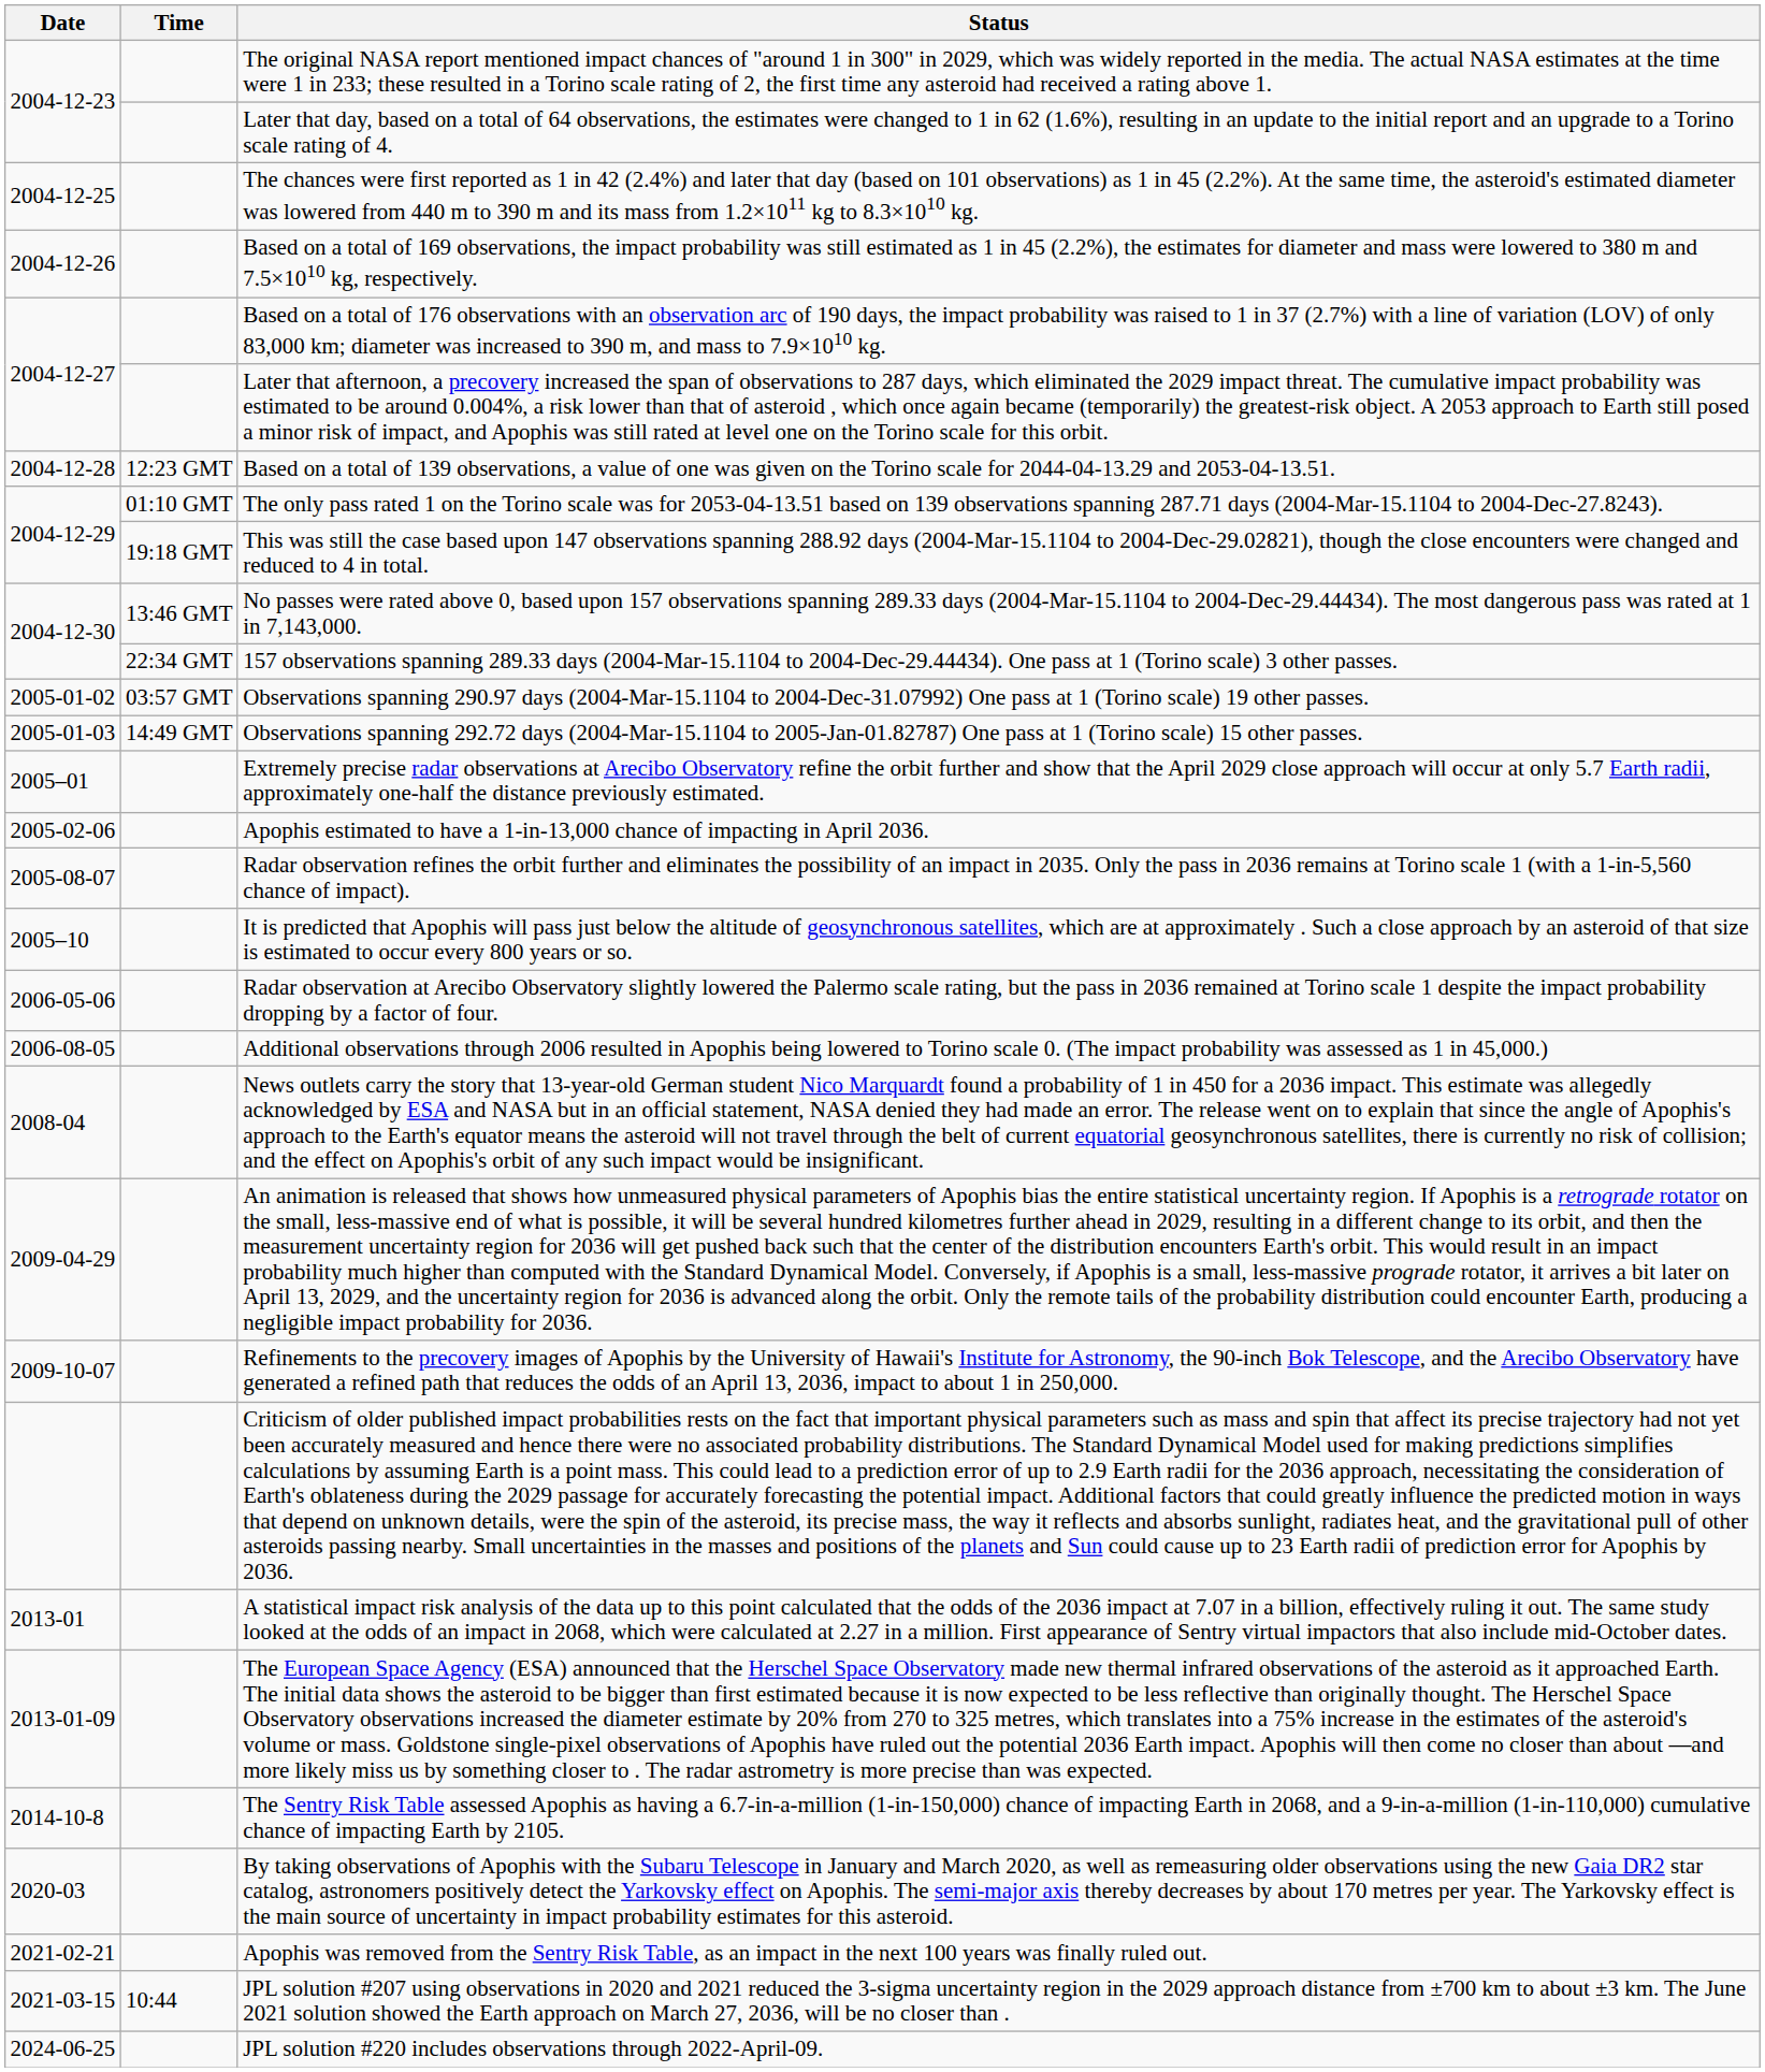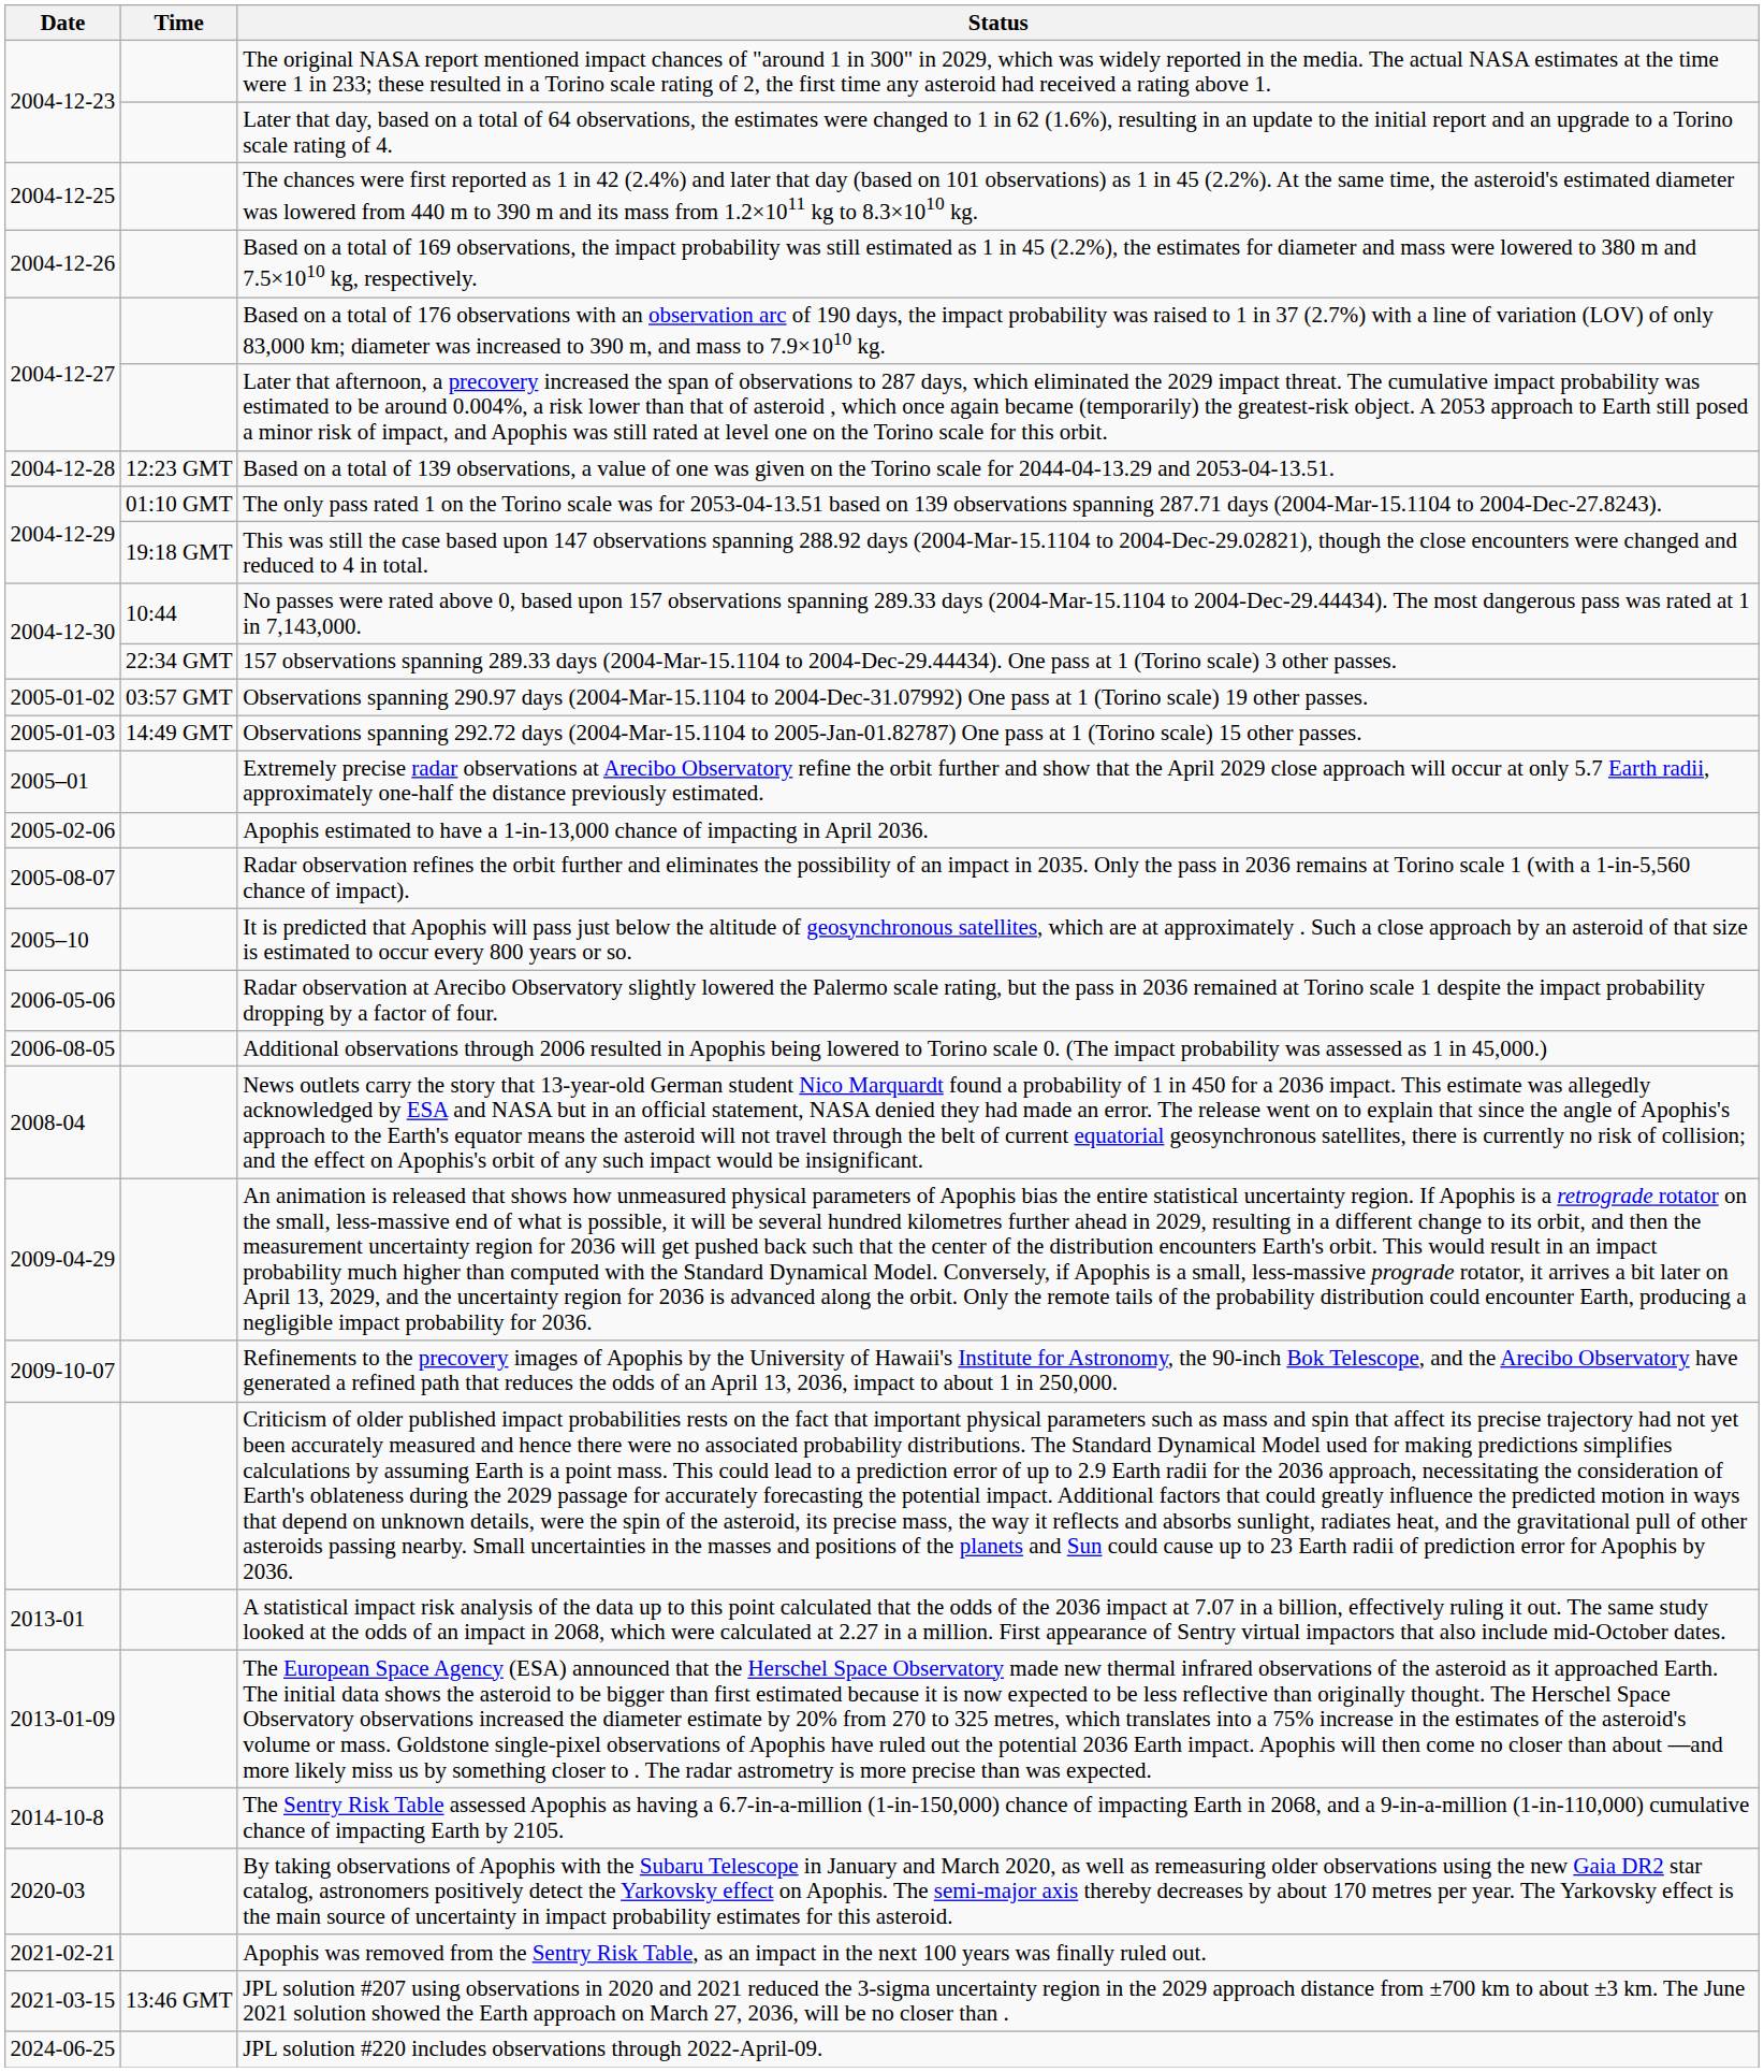 <table class="wikitable sortable mw-collapsible mw-collapsed">
 <tr>
 <th>Date</th>
 <th>Time</th>
 <th>Status</th>
 </tr>
 <tr>
 <td rowspan=2 style="white-space: nowrap;">2004-12-23</td>
 <td style="white-space: nowrap;"></td>
 <td>The original NASA report mentioned impact chances of "around 1 in 300" in 2029, which was widely reported in the media. The actual NASA estimates at the time were 1 in 233; these resulted in a Torino scale rating of 2, the first time any asteroid had received a rating above 1.</td>
 </tr>
 <tr>
 <td></td>
 <td>Later that day, based on a total of 64 observations, the estimates were changed to 1 in 62 (1.6%), resulting in an update to the initial report and an upgrade to a Torino scale rating of 4.</td>
 </tr>
 <tr>
 <td>2004-12-25</td>
 <td></td>
 <td>The chances were first reported as 1 in 42 (2.4%) and later that day (based on 101 observations) as 1 in 45 (2.2%). At the same time, the asteroid's estimated diameter was lowered from 440 m to 390 m and its mass from 1.2×10<sup>11</sup> kg to 8.3×10<sup>10</sup> kg.</td>
 </tr>
 <tr>
 <td>2004-12-26</td>
 <td></td>
 <td>Based on a total of 169 observations, the impact probability was still estimated as 1 in 45 (2.2%), the estimates for diameter and mass were lowered to 380 m and 7.5×10<sup>10</sup> kg, respectively.</td>
 </tr>
 <tr>
 <td rowspan=2>2004-12-27</td>
 <td></td>
 <td>Based on a total of 176 observations with an <a href='#'>observation arc</a> of 190 days, the impact probability was raised to 1 in 37 (2.7%) with a line of variation (LOV) of only 83,000 km; diameter was increased to 390 m, and mass to 7.9×10<sup>10</sup> kg.</td>
 </tr>
 <tr>
 <td></td>
 <td>Later that afternoon, a <a href='#'>precovery</a> increased the span of observations to 287 days, which eliminated the 2029 impact threat. The cumulative impact probability was estimated to be around 0.004%, a risk lower than that of asteroid , which once again became (temporarily) the greatest-risk object. A 2053 approach to Earth still posed a minor risk of impact, and Apophis was still rated at level one on the Torino scale for this orbit.</td>
 </tr>
 <tr>
 <td>2004-12-28</td>
 <td style="white-space: nowrap;">12:23 GMT</td>
 <td>Based on a total of 139 observations, a value of one was given on the Torino scale for 2044-04-13.29 and 2053-04-13.51.</td>
 </tr>
 <tr>
 <td rowspan=2>2004-12-29</td>
 <td>01:10 GMT</td>
 <td>The only pass rated 1 on the Torino scale was for 2053-04-13.51 based on 139 observations spanning 287.71 days (2004-Mar-15.1104 to 2004-Dec-27.8243).</td>
 </tr>
 <tr>
 <td>19:18 GMT</td>
 <td>This was still the case based upon 147 observations spanning 288.92 days (2004-Mar-15.1104 to 2004-Dec-29.02821), though the close encounters were changed and reduced to 4 in total.</td>
 </tr>
 <tr>
 <td rowspan=2>2004-12-30</td>
-<td>13:46 GMT</td>
+<td>10:44</td>
 <td>No passes were rated above 0, based upon 157 observations spanning 289.33 days (2004-Mar-15.1104 to 2004-Dec-29.44434). The most dangerous pass was rated at 1 in 7,143,000.</td>
 </tr>
 <tr>
 <td>22:34 GMT</td>
 <td>157 observations spanning 289.33 days (2004-Mar-15.1104 to 2004-Dec-29.44434). One pass at 1 (Torino scale) 3 other passes.</td>
 </tr>
 <tr>
 <td>2005-01-02</td>
 <td>03:57 GMT</td>
 <td>Observations spanning 290.97 days (2004-Mar-15.1104 to 2004-Dec-31.07992) One pass at 1 (Torino scale) 19 other passes.</td>
 </tr>
 <tr>
 <td>2005-01-03</td>
 <td>14:49 GMT</td>
 <td>Observations spanning 292.72 days (2004-Mar-15.1104 to 2005-Jan-01.82787) One pass at 1 (Torino scale) 15 other passes.</td>
 </tr>
 <tr>
 <td>2005–01</td>
 <td></td>
 <td>Extremely precise <a href='#'>radar</a> observations at <a href='#'>Arecibo Observatory</a> refine the orbit further and show that the April 2029 close approach will occur at only 5.7 <a href='#'>Earth radii</a>, approximately one-half the distance previously estimated.</td>
 </tr>
 <tr>
 <td>2005-02-06</td>
 <td></td>
 <td>Apophis estimated to have a 1-in-13,000 chance of impacting in April 2036.</td>
 </tr>
 <tr>
 <td>2005-08-07</td>
 <td></td>
 <td>Radar observation refines the orbit further and eliminates the possibility of an impact in 2035. Only the pass in 2036 remains at Torino scale 1 (with a 1-in-5,560 chance of impact).</td>
 </tr>
 <tr>
 <td>2005–10</td>
 <td></td>
 <td>It is predicted that Apophis will pass just below the altitude of <a href='#'>geosynchronous satellites</a>, which are at approximately . Such a close approach by an asteroid of that size is estimated to occur every 800 years or so.</td>
 </tr>
 <tr>
 <td>2006-05-06</td>
 <td></td>
 <td>Radar observation at Arecibo Observatory slightly lowered the Palermo scale rating, but the pass in 2036 remained at Torino scale 1 despite the impact probability dropping by a factor of four.</td>
 </tr>
 <tr>
 <td>2006-08-05</td>
 <td></td>
 <td>Additional observations through 2006 resulted in Apophis being lowered to Torino scale 0. (The impact probability was assessed as 1 in 45,000.)</td>
 </tr>
 <tr>
 <td>2008-04</td>
 <td></td>
 <td>News outlets carry the story that 13-year-old German student <a href='#'>Nico Marquardt</a> found a probability of 1 in 450 for a 2036 impact. This estimate was allegedly acknowledged by <a href='#'>ESA</a> and NASA but in an official statement, NASA denied they had made an error. The release went on to explain that since the angle of Apophis's approach to the Earth's equator means the asteroid will not travel through the belt of current <a href='#'>equatorial</a> geosynchronous satellites, there is currently no risk of collision; and the effect on Apophis's orbit of any such impact would be insignificant.</td>
 </tr>
 <tr>
 <td>2009-04-29</td>
 <td></td>
 <td>An animation is released that shows how unmeasured physical parameters of Apophis bias the entire statistical uncertainty region. If Apophis is a <a href='#'><em>retrograde</em> rotator</a> on the small, less-massive end of what is possible, it will be several hundred kilometres further ahead in 2029, resulting in a different change to its orbit, and then the measurement uncertainty region for 2036 will get pushed back such that the center of the distribution encounters Earth's orbit. This would result in an impact probability much higher than computed with the Standard Dynamical Model. Conversely, if Apophis is a small, less-massive <em>prograde</em> rotator, it arrives a bit later on April 13, 2029, and the uncertainty region for 2036 is advanced along the orbit. Only the remote tails of the probability distribution could encounter Earth, producing a negligible impact probability for 2036.</td>
 </tr>
 <tr>
 <td>2009-10-07</td>
 <td></td>
 <td>Refinements to the <a href='#'>precovery</a> images of Apophis by the University of Hawaii's <a href='#'>Institute for Astronomy</a>, the 90-inch <a href='#'>Bok Telescope</a>, and the <a href='#'>Arecibo Observatory</a> have generated a refined path that reduces the odds of an April 13, 2036, impact to about 1 in 250,000.</td>
 </tr>
 <tr>
 <td></td>
 <td></td>
 <td>Criticism of older published impact probabilities rests on the fact that important physical parameters such as mass and spin that affect its precise trajectory had not yet been accurately measured and hence there were no associated probability distributions. The Standard Dynamical Model used for making predictions simplifies calculations by assuming Earth is a point mass. This could lead to a prediction error of up to 2.9 Earth radii for the 2036 approach, necessitating the consideration of Earth's oblateness during the 2029 passage for accurately forecasting the potential impact. Additional factors that could greatly influence the predicted motion in ways that depend on unknown details, were the spin of the asteroid, its precise mass, the way it reflects and absorbs sunlight, radiates heat, and the gravitational pull of other asteroids passing nearby. Small uncertainties in the masses and positions of the <a href='#'>planets</a> and <a href='#'>Sun</a> could cause up to 23 Earth radii of prediction error for Apophis by 2036.</td>
 </tr>
 <tr>
 <td>2013-01</td>
 <td></td>
 <td>A statistical impact risk analysis of the data up to this point calculated that the odds of the 2036 impact at 7.07 in a billion, effectively ruling it out. The same study looked at the odds of an impact in 2068, which were calculated at 2.27 in a million. First appearance of Sentry virtual impactors that also include mid-October dates.</td>
 </tr>
 <tr>
 <td>2013-01-09</td>
 <td></td>
 <td>The <a href='#'>European Space Agency</a> (ESA) announced that the <a href='#'>Herschel Space Observatory</a> made new thermal infrared observations of the asteroid as it approached Earth. The initial data shows the asteroid to be bigger than first estimated because it is now expected to be less reflective than originally thought. The Herschel Space Observatory observations increased the diameter estimate by 20% from 270 to 325 metres, which translates into a 75% increase in the estimates of the asteroid's volume or mass. Goldstone single-pixel observations of Apophis have ruled out the potential 2036 Earth impact. Apophis will then come no closer than about —and more likely miss us by something closer to . The radar astrometry is more precise than was expected.</td>
 </tr>
 <tr>
 <td>2014-10-8</td>
 <td></td>
 <td>The <a href='#'>Sentry Risk Table</a> assessed Apophis as having a 6.7-in-a-million (1-in-150,000) chance of impacting Earth in 2068, and a 9-in-a-million (1-in-110,000) cumulative chance of impacting Earth by 2105.</td>
 </tr>
 <tr>
 <td>2020-03</td>
 <td></td>
 <td>By taking observations of Apophis with the <a href='#'>Subaru Telescope</a> in January and March 2020, as well as remeasuring older observations using the new <a href='#'>Gaia DR2</a> star catalog, astronomers positively detect the <a href='#'>Yarkovsky effect</a> on Apophis. The <a href='#'>semi-major axis</a> thereby decreases by about 170 metres per year. The Yarkovsky effect is the main source of uncertainty in impact probability estimates for this asteroid.</td>
 </tr>
 <tr>
 <td>2021-02-21</td>
 <td></td>
 <td>Apophis was removed from the <a href='#'>Sentry Risk Table</a>, as an impact in the next 100 years was finally ruled out.</td>
 </tr>
 <tr>
 <td>2021-03-15</td>
-<td>10:44</td>
+<td>13:46 GMT</td>
 <td>JPL solution #207 using observations in 2020 and 2021 reduced the 3-sigma uncertainty region in the 2029 approach distance from ±700 km to about ±3 km. The June 2021 solution showed the Earth approach on March 27, 2036, will be no closer than .</td>
 </tr>
 <tr>
 <td>2024-06-25</td>
 <td></td>
 <td>JPL solution #220 includes observations through 2022-April-09.</td>
 </tr>
 </table>
